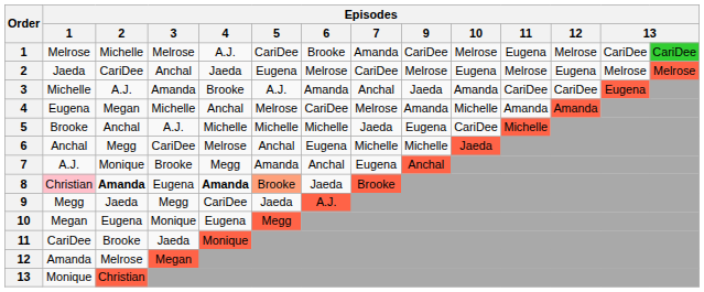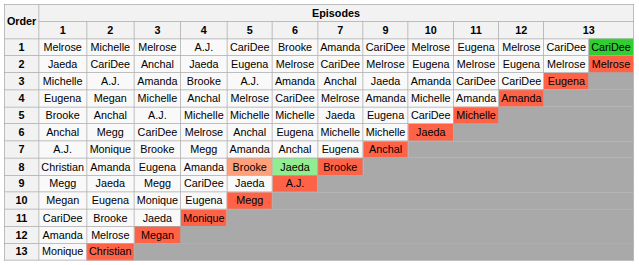 <table class="wikitable" style="text-align:center; font-size:90%; white-space:nowrap">
 <tr>
 <th rowspan=2>Order</th>
 <th colspan="13">Episodes</th>
 </tr>
 <tr>
 <th scope="col">1</th>
 <th scope="col">2</th>
 <th scope="col">3</th>
 <th scope="col">4</th>
 <th scope="col">5</th>
 <th scope="col">6</th>
 <th scope="col">7</th>
 <th scope="col">9</th>
 <th scope="col">10</th>
 <th scope="col">11</th>
 <th scope="col">12</th>
 <th scope="col" colspan=2>13</th>
 </tr>
 <tr>
 <th>1</th>
 <td>Melrose</td>
 <td>Michelle</td>
 <td>Melrose</td>
 <td>A.J.</td>
 <td>CariDee</td>
 <td>Brooke</td>
 <td>Amanda</td>
 <td>CariDee</td>
 <td>Melrose</td>
 <td>Eugena</td>
 <td>Melrose</td>
 <td>CariDee</td>
 <td bgcolor="limegreen">CariDee</td>
 </tr>
 <tr>
 <th>2</th>
 <td>Jaeda</td>
 <td>CariDee</td>
 <td>Anchal</td>
 <td>Jaeda</td>
 <td>Eugena</td>
 <td>Melrose</td>
 <td>CariDee</td>
 <td>Melrose</td>
 <td>Eugena</td>
 <td>Melrose</td>
 <td>Eugena</td>
 <td>Melrose</td>
 <td bgcolor="tomato">Melrose</td>
 </tr>
 <tr>
 <th>3</th>
 <td>Michelle</td>
 <td>A.J.</td>
 <td>Amanda</td>
 <td>Brooke</td>
 <td>A.J.</td>
 <td>Amanda</td>
 <td>Anchal</td>
 <td>Jaeda</td>
 <td>Amanda</td>
 <td>CariDee</td>
 <td>CariDee</td>
 <td bgcolor="tomato">Eugena</td>
 <td colspan="1" bgcolor="darkgray"></td>
 </tr>
 <tr>
 <th>4</th>
 <td>Eugena</td>
 <td>Megan</td>
 <td>Michelle</td>
 <td>Anchal</td>
 <td>Melrose</td>
 <td>CariDee</td>
 <td>Melrose</td>
 <td>Amanda</td>
 <td>Michelle</td>
 <td>Amanda</td>
 <td bgcolor="tomato">Amanda</td>
 <td colspan="2" bgcolor="darkgray"></td>
 </tr>
 <tr>
 <th>5</th>
 <td>Brooke</td>
 <td>Anchal</td>
 <td>A.J.</td>
 <td>Michelle</td>
 <td>Michelle</td>
 <td>Michelle</td>
 <td>Jaeda</td>
 <td>Eugena</td>
 <td>CariDee</td>
 <td bgcolor="tomato">Michelle</td>
 <td colspan="3" bgcolor="darkgray"></td>
 </tr>
 <tr>
 <th>6</th>
 <td>Anchal</td>
 <td>Megg</td>
 <td>CariDee</td>
 <td>Melrose</td>
 <td>Anchal</td>
 <td>Eugena</td>
 <td>Michelle</td>
 <td>Michelle</td>
 <td bgcolor="tomato">Jaeda</td>
 <td colspan="4" bgcolor="darkgray"></td>
 </tr>
 <tr>
 <th>7</th>
 <td>A.J.</td>
 <td>Monique</td>
 <td>Brooke</td>
 <td>Megg</td>
 <td>Amanda</td>
 <td>Anchal</td>
 <td>Eugena</td>
 <td bgcolor="tomato">Anchal</td>
 <td colspan="5" bgcolor="darkgray"></td>
 </tr>
 <tr>
 <th>8</th>
-<td style="background: pink;">Christian</td>
-<td><strong>Amanda</strong></td>
+<td>Christian</td>
+<td>Amanda</td>
 <td>Eugena</td>
-<td><strong>Amanda</strong></td>
+<td>Amanda</td>
 <td style="background: lightsalmon;">Brooke</td>
-<td>Jaeda</td>
+<td style="background: lightgreen;">Jaeda</td>
 <td bgcolor="tomato">Brooke</td>
 <td colspan="6" bgcolor="darkgray"></td>
 </tr>
 <tr>
 <th>9</th>
 <td>Megg</td>
 <td>Jaeda</td>
 <td>Megg</td>
 <td>CariDee</td>
 <td>Jaeda</td>
 <td bgcolor="tomato">A.J.</td>
 <td colspan="7" bgcolor="darkgray"></td>
 </tr>
 <tr>
 <th>10</th>
 <td>Megan</td>
 <td>Eugena</td>
 <td>Monique</td>
 <td>Eugena</td>
 <td bgcolor="tomato">Megg</td>
 <td colspan="8" bgcolor="darkgray"></td>
 </tr>
 <tr>
 <th>11</th>
 <td>CariDee</td>
 <td>Brooke</td>
 <td>Jaeda</td>
 <td bgcolor="tomato">Monique</td>
 <td colspan="9" bgcolor="darkgray"></td>
 </tr>
 <tr>
 <th>12</th>
 <td>Amanda</td>
 <td>Melrose</td>
 <td bgcolor="tomato">Megan</td>
 <td colspan="10" bgcolor="darkgray"></td>
 </tr>
 <tr>
 <th>13</th>
 <td>Monique</td>
 <td bgcolor="tomato">Christian</td>
 <td colspan="11" bgcolor="darkgray"></td>
 </tr>
 </table>
